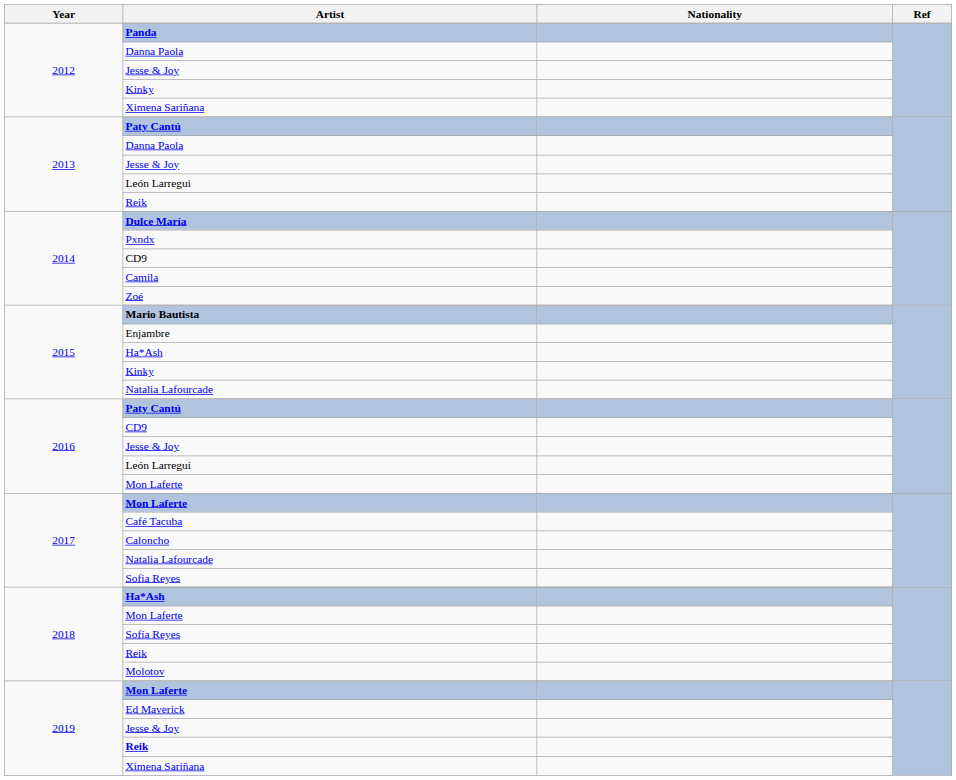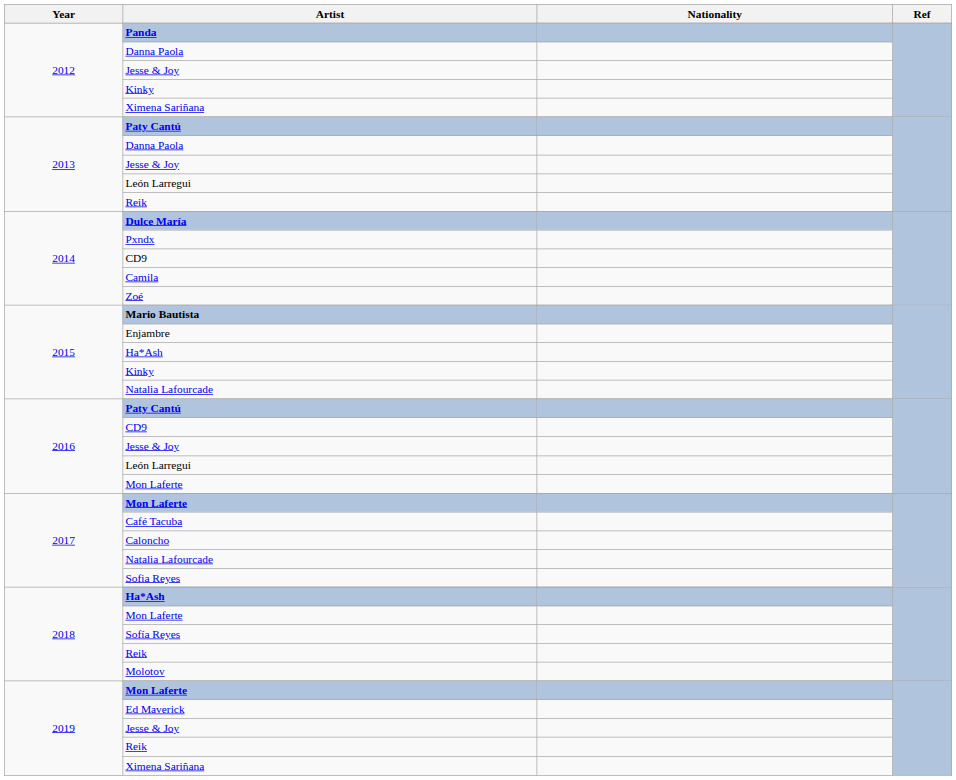 <table class="wikitable sortable plainrowheaders" style="font-size:95%; width:100%;">
 <tr style="background:#bebebe;">
 <th style="width:10%;">Year</th>
 <th style="width:35%;">Artist</th>
 <th style="width:30%;">Nationality</th>
 <th style="width:5%;">Ref</th>
 </tr>
 <tr>
 <td rowspan="6" align="center"><a href='#'>2012</a></td>
 </tr>
 <tr style="background:#B0C4DE">
 <td><strong><a href='#'>Panda</a></strong></td>
 <td><strong></strong></td>
 <td rowspan="6" align="center"></td>
 </tr>
 <tr>
 <td><a href='#'>Danna Paola</a></td>
 <td></td>
 </tr>
 <tr>
 <td><a href='#'>Jesse & Joy</a></td>
 <td></td>
 </tr>
 <tr>
 <td><a href='#'>Kinky</a></td>
 <td></td>
 </tr>
 <tr>
 <td><a href='#'>Ximena Sariñana</a></td>
 <td></td>
 </tr>
 <tr>
 <td rowspan="6" align="center"><a href='#'>2013</a></td>
 </tr>
 <tr style="background:#B0C4DE">
 <td><strong><a href='#'>Paty Cantú</a></strong></td>
 <td><strong></strong></td>
 <td rowspan="6" align="center"></td>
 </tr>
 <tr>
 <td><a href='#'>Danna Paola</a></td>
 <td></td>
 </tr>
 <tr>
 <td><a href='#'>Jesse & Joy</a></td>
 <td></td>
 </tr>
 <tr>
 <td>León Larregui</td>
 <td></td>
 </tr>
 <tr>
 <td><a href='#'>Reik</a></td>
 <td></td>
 </tr>
 <tr>
 <td rowspan="6" align="center"><a href='#'>2014</a></td>
 </tr>
 <tr style="background:#B0C4DE">
 <td><strong><a href='#'>Dulce María</a></strong></td>
 <td><strong></strong></td>
 <td rowspan="6" align="center"></td>
 </tr>
 <tr>
 <td><a href='#'>Pxndx</a></td>
 <td></td>
 </tr>
 <tr>
 <td>CD9</td>
 <td></td>
 </tr>
 <tr>
 <td><a href='#'>Camila</a></td>
 <td></td>
 </tr>
 <tr>
 <td><a href='#'>Zoé</a></td>
 <td></td>
 </tr>
 <tr>
 <td rowspan="6" align="center"><a href='#'>2015</a></td>
 </tr>
 <tr style="background:#B0C4DE">
 <td><strong>Mario Bautista</strong></td>
 <td><strong></strong></td>
 <td rowspan="6" align="center"></td>
 </tr>
 <tr>
 <td>Enjambre</td>
 <td></td>
 </tr>
 <tr>
 <td><a href='#'>Ha*Ash</a></td>
 <td></td>
 </tr>
 <tr>
 <td><a href='#'>Kinky</a></td>
 <td></td>
 </tr>
 <tr>
 <td><a href='#'>Natalia Lafourcade</a></td>
 <td></td>
 </tr>
 <tr>
 <td rowspan="6" align="center"><a href='#'>2016</a></td>
 </tr>
 <tr style="background:#B0C4DE">
 <td><strong><a href='#'>Paty Cantú</a></strong></td>
 <td><strong></strong></td>
 <td rowspan="6" align="center"></td>
 </tr>
 <tr>
 <td><a href='#'>CD9</a></td>
 <td></td>
 </tr>
 <tr>
 <td><a href='#'>Jesse & Joy</a></td>
 <td></td>
 </tr>
 <tr>
 <td>León Larregui</td>
 <td></td>
 </tr>
 <tr>
 <td><a href='#'>Mon Laferte</a></td>
 <td></td>
 </tr>
 <tr>
 <td rowspan="6" align="center"><a href='#'>2017</a></td>
 </tr>
 <tr style="background:#B0C4DE">
 <td><strong><a href='#'>Mon Laferte</a></strong></td>
 <td><strong></strong> <strong></strong></td>
 <td rowspan="6" align="center"></td>
 </tr>
 <tr>
 <td><a href='#'>Café Tacuba</a></td>
 <td></td>
 </tr>
 <tr>
 <td><a href='#'>Caloncho</a></td>
 <td></td>
 </tr>
 <tr>
 <td><a href='#'>Natalia Lafourcade</a></td>
 <td></td>
 </tr>
 <tr>
 <td><a href='#'>Sofia Reyes</a></td>
 <td></td>
 </tr>
 <tr>
 <td rowspan="6" align="center"><a href='#'>2018</a></td>
 </tr>
 <tr style="background:#B0C4DE">
 <td><strong><a href='#'>Ha*Ash</a></strong></td>
 <td><strong> </strong></td>
 <td rowspan="6" align="center"></td>
 </tr>
 <tr>
 <td><a href='#'>Mon Laferte</a></td>
 <td></td>
 </tr>
 <tr>
 <td><a href='#'>Sofía Reyes</a></td>
 <td></td>
 </tr>
 <tr>
 <td><a href='#'>Reik</a></td>
 <td></td>
 </tr>
 <tr>
 <td><a href='#'>Molotov</a></td>
 <td></td>
 </tr>
 <tr>
 <td rowspan="6" align="center"><a href='#'>2019</a></td>
 </tr>
 <tr style="background:#B0C4DE">
 <td><strong><a href='#'>Mon Laferte</a></strong></td>
 <td><strong></strong></td>
 <td rowspan="6" align="center"></td>
 </tr>
 <tr>
 <td><a href='#'>Ed Maverick</a></td>
 <td></td>
 </tr>
 <tr>
 <td><a href='#'>Jesse & Joy</a></td>
 <td></td>
 </tr>
 <tr>
-<td><strong><a href='#'>Reik</a></strong></td>
+<td><a href='#'>Reik</a></td>
 <td></td>
 </tr>
 <tr>
 <td><a href='#'>Ximena Sariñana</a></td>
 <td></td>
 </tr>
 </table>
